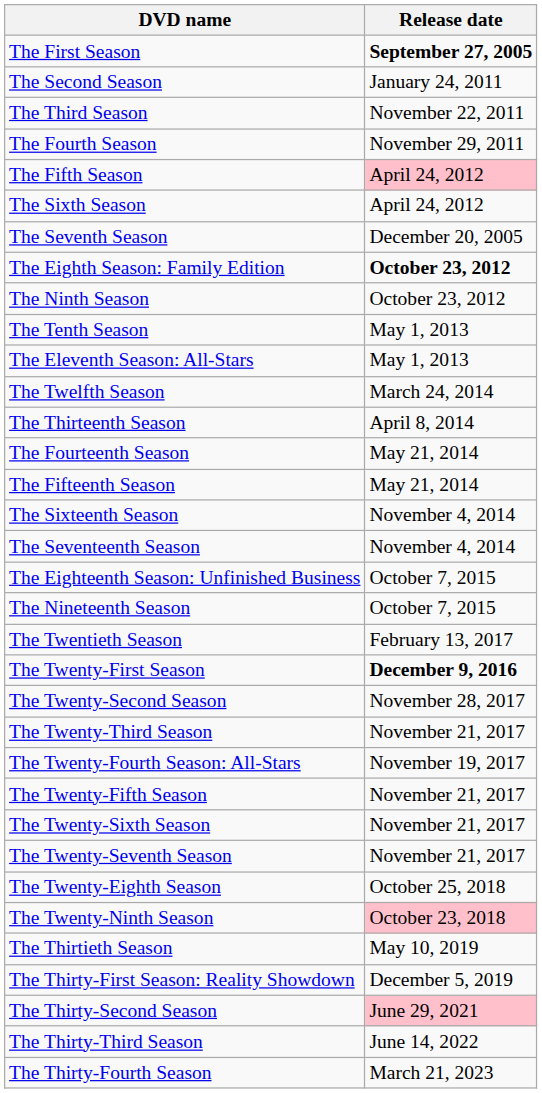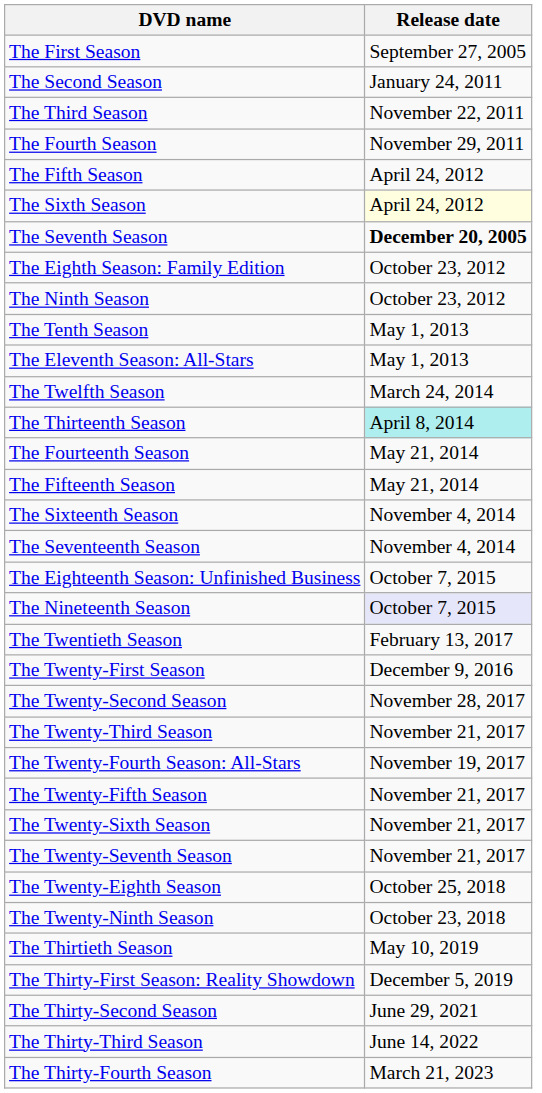 <table class="wikitable">
 <tr>
 <th>DVD name</th>
 <th>Release date</th>
 </tr>
 <tr>
 <td><a href='#'>The First Season</a></td>
-<td><strong>September 27, 2005</strong></td>
+<td>September 27, 2005</td>
 </tr>
 <tr>
 <td><a href='#'>The Second Season</a></td>
 <td>January 24, 2011</td>
 </tr>
 <tr>
 <td><a href='#'>The Third Season</a></td>
 <td>November 22, 2011</td>
 </tr>
 <tr>
 <td><a href='#'>The Fourth Season</a></td>
 <td>November 29, 2011</td>
 </tr>
 <tr>
 <td><a href='#'>The Fifth Season</a></td>
-<td style="background: pink;">April 24, 2012</td>
+<td>April 24, 2012</td>
 </tr>
 <tr>
 <td><a href='#'>The Sixth Season</a></td>
-<td>April 24, 2012</td>
+<td style="background: lightyellow;">April 24, 2012</td>
 </tr>
 <tr>
 <td><a href='#'>The Seventh Season</a></td>
-<td>December 20, 2005</td>
+<td><strong>December 20, 2005</strong></td>
 </tr>
 <tr>
 <td><a href='#'>The Eighth Season: Family Edition</a></td>
-<td><strong>October 23, 2012</strong></td>
+<td>October 23, 2012</td>
 </tr>
 <tr>
 <td><a href='#'>The Ninth Season</a></td>
 <td>October 23, 2012</td>
 </tr>
 <tr>
 <td><a href='#'>The Tenth Season</a></td>
 <td>May 1, 2013</td>
 </tr>
 <tr>
 <td><a href='#'>The Eleventh Season: All-Stars</a></td>
 <td>May 1, 2013</td>
 </tr>
 <tr>
 <td><a href='#'>The Twelfth Season</a></td>
 <td>March 24, 2014</td>
 </tr>
 <tr>
 <td><a href='#'>The Thirteenth Season</a></td>
-<td>April 8, 2014</td>
+<td style="background: paleturquoise;">April 8, 2014</td>
 </tr>
 <tr>
 <td><a href='#'>The Fourteenth Season</a></td>
 <td>May 21, 2014</td>
 </tr>
 <tr>
 <td><a href='#'>The Fifteenth Season</a></td>
 <td>May 21, 2014</td>
 </tr>
 <tr>
 <td><a href='#'>The Sixteenth Season</a></td>
 <td>November 4, 2014</td>
 </tr>
 <tr>
 <td><a href='#'>The Seventeenth Season</a></td>
 <td>November 4, 2014</td>
 </tr>
 <tr>
 <td><a href='#'>The Eighteenth Season: Unfinished Business</a></td>
 <td>October 7, 2015</td>
 </tr>
 <tr>
 <td><a href='#'>The Nineteenth Season</a></td>
-<td>October 7, 2015</td>
+<td style="background: lavender;">October 7, 2015</td>
 </tr>
 <tr>
 <td><a href='#'>The Twentieth Season</a></td>
 <td>February 13, 2017</td>
 </tr>
 <tr>
 <td><a href='#'>The Twenty-First Season</a></td>
-<td><strong>December 9, 2016</strong></td>
+<td>December 9, 2016</td>
 </tr>
 <tr>
 <td><a href='#'>The Twenty-Second Season</a></td>
 <td>November 28, 2017</td>
 </tr>
 <tr>
 <td><a href='#'>The Twenty-Third Season</a></td>
 <td>November 21, 2017</td>
 </tr>
 <tr>
 <td><a href='#'>The Twenty-Fourth Season: All-Stars</a></td>
 <td>November 19, 2017</td>
 </tr>
 <tr>
 <td><a href='#'>The Twenty-Fifth Season</a></td>
 <td>November 21, 2017</td>
 </tr>
 <tr>
 <td><a href='#'>The Twenty-Sixth Season</a></td>
 <td>November 21, 2017</td>
 </tr>
 <tr>
 <td><a href='#'>The Twenty-Seventh Season</a></td>
 <td>November 21, 2017</td>
 </tr>
 <tr>
 <td><a href='#'>The Twenty-Eighth Season</a></td>
 <td>October 25, 2018</td>
 </tr>
 <tr>
 <td><a href='#'>The Twenty-Ninth Season</a></td>
-<td style="background: pink;">October 23, 2018</td>
+<td>October 23, 2018</td>
 </tr>
 <tr>
 <td><a href='#'>The Thirtieth Season</a></td>
 <td>May 10, 2019</td>
 </tr>
 <tr>
 <td><a href='#'>The Thirty-First Season: Reality Showdown</a></td>
 <td>December 5, 2019</td>
 </tr>
 <tr>
 <td><a href='#'>The Thirty-Second Season</a></td>
-<td style="background: pink;">June 29, 2021</td>
+<td>June 29, 2021</td>
 </tr>
 <tr>
 <td><a href='#'>The Thirty-Third Season</a></td>
 <td>June 14, 2022</td>
 </tr>
 <tr>
 <td><a href='#'>The Thirty-Fourth Season</a></td>
 <td>March 21, 2023</td>
 </tr>
 </table>
